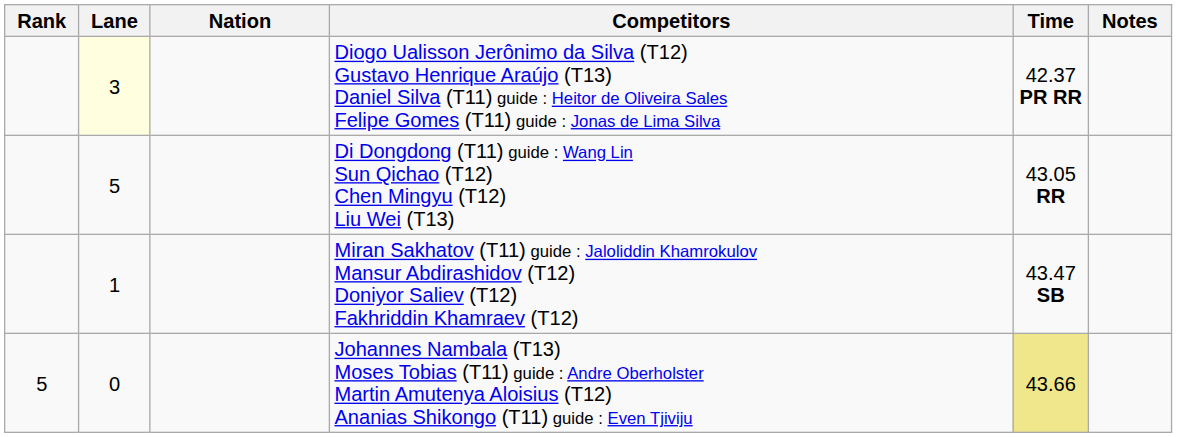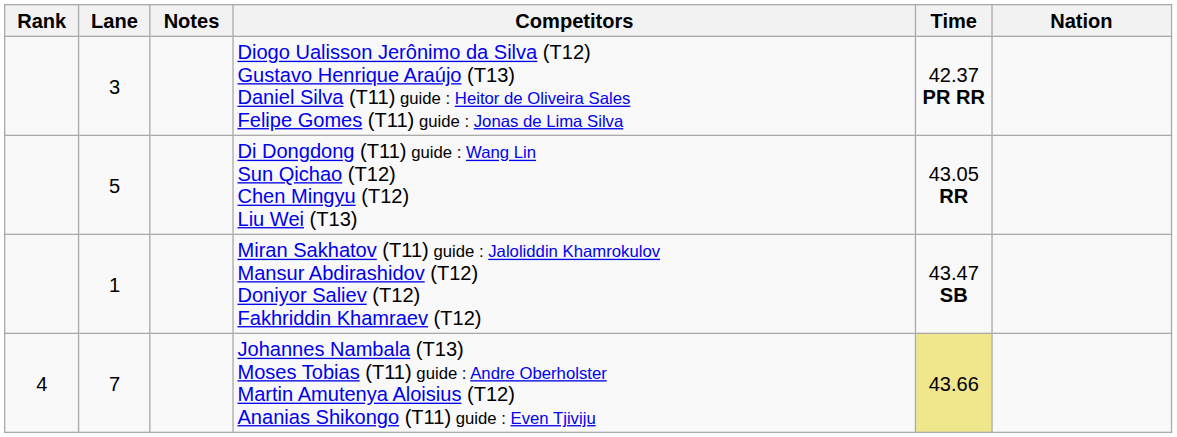 <table class="wikitable sortable"  style="width:70%; text-align:center; font-size:95%;">
 <tr>
 <th width=15>Rank</th>
 <th width=15>Lane</th>
-<th width=100>Nation</th>
+<th width=15>Notes</th>
 <th width=400>Competitors</th>
 <th width=15>Time</th>
-<th width=15>Notes</th>
+<th width=100>Nation</th>
 </tr>
 <tr>
 <td></td>
-<td style="background: lightyellow;">3</td>
-<td align=left></td>
+<td>3</td>
+<td></td>
 <td align=left><a href='#'>Diogo Ualisson Jerônimo da Silva</a> (T12)<br><a href='#'>Gustavo Henrique Araújo</a> (T13)<br> <a href='#'>Daniel Silva</a> (T11)<small> guide : <a href='#'>Heitor de Oliveira Sales</a></small><br> <a href='#'>Felipe Gomes</a> (T11)<small> guide : <a href='#'>Jonas de Lima Silva</a></small></td>
 <td>42.37 <strong>PR</strong> <strong>RR</strong></td>
-<td></td>
+<td align=left></td>
 </tr>
 <tr>
 <td></td>
 <td>5</td>
-<td align=left></td>
+<td></td>
 <td align=left><a href='#'>Di Dongdong</a> (T11)<small> guide : <a href='#'>Wang Lin</a></small><br><a href='#'>Sun Qichao</a> (T12)<br><a href='#'>Chen Mingyu</a> (T12)<br><a href='#'>Liu Wei</a> (T13)</td>
 <td>43.05 <strong>RR</strong></td>
-<td></td>
+<td align=left></td>
 </tr>
 <tr>
 <td></td>
 <td>1</td>
-<td align=left></td>
+<td></td>
 <td align=left><a href='#'>Miran Sakhatov</a> (T11)<small> guide : <a href='#'>Jaloliddin Khamrokulov</a></small><br><a href='#'>Mansur Abdirashidov</a> (T12) <br> <a href='#'>Doniyor Saliev</a> (T12) <br> <a href='#'>Fakhriddin Khamraev</a> (T12)</td>
 <td>43.47 <strong>SB</strong></td>
-<td></td>
+<td align=left></td>
 </tr>
 <tr>
-<td>5</td>
-<td>0</td>
-<td align=left></td>
+<td>4</td>
+<td>7</td>
+<td></td>
 <td align=left><a href='#'>Johannes Nambala</a> (T13)<br><a href='#'>Moses Tobias</a> (T11)<small> guide : <a href='#'>Andre Oberholster</a></small><br> <a href='#'>Martin Amutenya Aloisius</a> (T12)<br> <a href='#'>Ananias Shikongo</a> (T11)<small> guide : <a href='#'>Even Tjiviju</a></small></td>
 <td style="background: khaki;">43.66</td>
-<td></td>
+<td align=left></td>
 </tr>
 </table>
